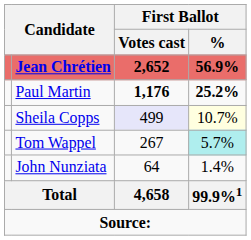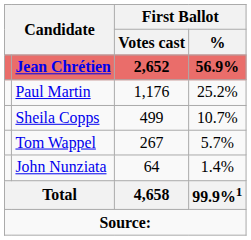 <table class="wikitable">
 <tr>
 <th rowspan="2" colspan="2">Candidate</th>
 <th colspan = "2">First Ballot</th>
 </tr>
 <tr>
 <th>Votes cast</th>
 <th>%</th>
 </tr>
 <tr style="background:#EA6D6A">
 <td></td>
 <td><strong><a href='#'>Jean Chrétien</a></strong></td>
 <td align = "center"><strong>2,652</strong></td>
 <td align = "center"><strong>56.9%</strong></td>
 </tr>
 <tr>
 <td></td>
 <td><a href='#'>Paul Martin</a></td>
-<td align = "center"><strong>1,176</strong></td>
-<td align = "center"><strong>25.2%</strong></td>
+<td align = "center">1,176</td>
+<td align = "center">25.2%</td>
 </tr>
 <tr>
 <td></td>
 <td><a href='#'>Sheila Copps</a></td>
-<td align = "center" style="background: lavender;">499</td>
-<td align = "center" style="background: lightyellow;">10.7%</td>
+<td align = "center">499</td>
+<td align = "center">10.7%</td>
 </tr>
 <tr>
 <td></td>
 <td><a href='#'>Tom Wappel</a></td>
 <td align = "center">267</td>
-<td align = "center" style="background: paleturquoise;">5.7%</td>
+<td align = "center">5.7%</td>
 </tr>
 <tr>
 <td></td>
 <td><a href='#'>John Nunziata</a></td>
 <td align = "center">64</td>
 <td align = "center">1.4%</td>
 </tr>
 <tr>
 <th colspan = "2">Total</th>
 <th align = "center">4,658</th>
 <th align = "center">99.9%<sup>1</sup></th>
 </tr>
 <tr>
 <td align="center" colspan=12><strong>Source:</strong>  </td>
 </tr>
 </table>
